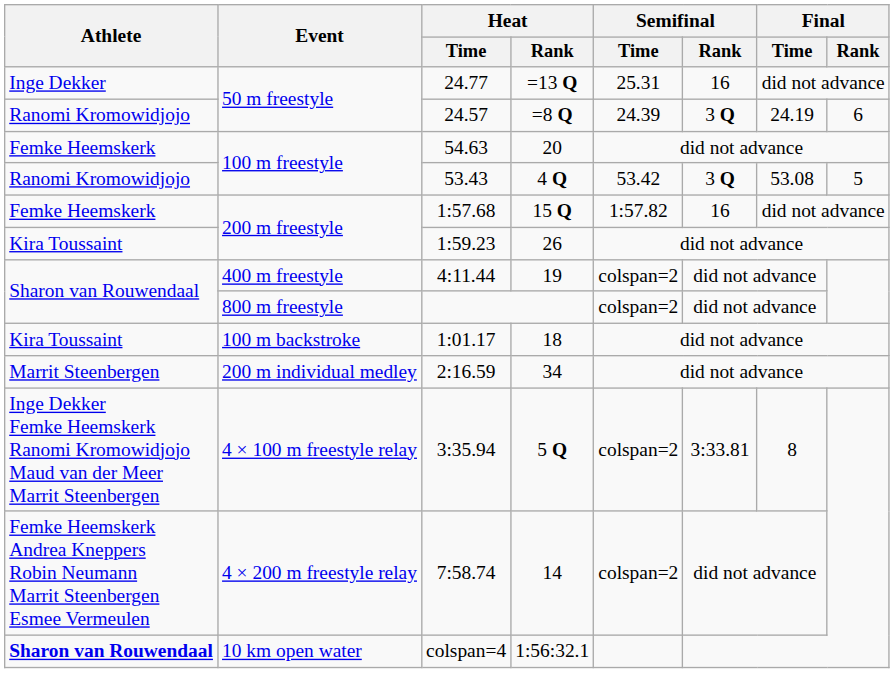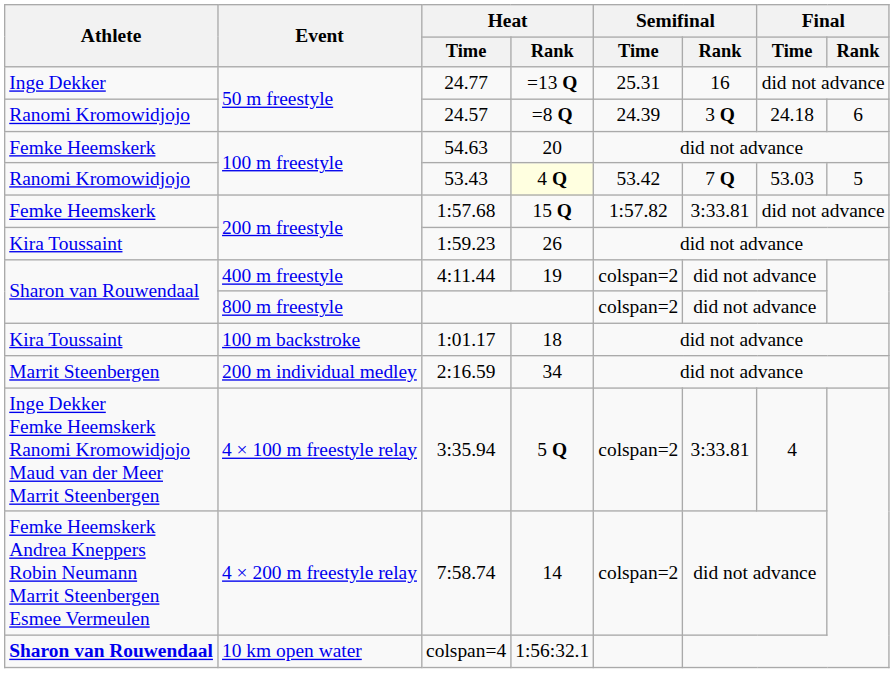 <table class=wikitable style="font-size:90%">
 <tr>
 <th rowspan="2">Athlete</th>
 <th rowspan="2">Event</th>
 <th colspan="2">Heat</th>
 <th colspan="2">Semifinal</th>
 <th colspan="2">Final</th>
 </tr>
 <tr style="font-size:95%">
 <th>Time</th>
 <th>Rank</th>
 <th>Time</th>
 <th>Rank</th>
 <th>Time</th>
 <th>Rank</th>
 </tr>
 <tr align=center>
 <td align=left><a href='#'>Inge Dekker</a></td>
 <td align=left rowspan=2><a href='#'>50 m freestyle</a></td>
 <td>24.77</td>
 <td>=13 <strong>Q</strong></td>
 <td>25.31</td>
 <td>16</td>
 <td colspan=2>did not advance</td>
 </tr>
 <tr align=center>
 <td align=left><a href='#'>Ranomi Kromowidjojo</a></td>
 <td>24.57</td>
 <td>=8 <strong>Q</strong></td>
 <td>24.39</td>
 <td>3 <strong>Q</strong></td>
-<td>24.19</td>
+<td>24.18</td>
 <td>6</td>
 </tr>
 <tr align=center>
 <td align=left><a href='#'>Femke Heemskerk</a></td>
 <td align=left rowspan=2><a href='#'>100 m freestyle</a></td>
 <td>54.63</td>
 <td>20</td>
 <td colspan=4>did not advance</td>
 </tr>
 <tr align=center>
 <td align=left><a href='#'>Ranomi Kromowidjojo</a></td>
 <td>53.43</td>
-<td>4 <strong>Q</strong></td>
+<td style="background: lightyellow;">4 <strong>Q</strong></td>
 <td>53.42</td>
-<td>3 <strong>Q</strong></td>
-<td>53.08</td>
+<td>7 <strong>Q</strong></td>
+<td>53.03</td>
 <td>5</td>
 </tr>
 <tr align=center>
 <td align=left><a href='#'>Femke Heemskerk</a></td>
 <td align=left rowspan=2><a href='#'>200 m freestyle</a></td>
 <td>1:57.68</td>
 <td>15 <strong>Q</strong></td>
 <td>1:57.82</td>
-<td>16</td>
+<td>3:33.81</td>
 <td colspan=2>did not advance</td>
 </tr>
 <tr align=center>
 <td align=left><a href='#'>Kira Toussaint</a></td>
 <td>1:59.23</td>
 <td>26</td>
 <td colspan=4>did not advance</td>
 </tr>
 <tr align=center>
 <td align=left rowspan=2><a href='#'>Sharon van Rouwendaal</a></td>
 <td align=left><a href='#'>400 m freestyle</a></td>
 <td>4:11.44</td>
 <td>19</td>
 <td>colspan=2 </td>
 <td colspan=2>did not advance</td>
 </tr>
 <tr align=center>
 <td align=left><a href='#'>800 m freestyle</a></td>
 <td colspan=2></td>
 <td>colspan=2 </td>
 <td colspan=2>did not advance</td>
 </tr>
 <tr align=center>
 <td align=left><a href='#'>Kira Toussaint</a></td>
 <td align=left><a href='#'>100 m backstroke</a></td>
 <td>1:01.17</td>
 <td>18</td>
 <td colspan=4>did not advance</td>
 </tr>
 <tr align=center>
 <td align=left><a href='#'>Marrit Steenbergen</a></td>
 <td align=left><a href='#'>200 m individual medley</a></td>
 <td>2:16.59</td>
 <td>34</td>
 <td colspan=4>did not advance</td>
 </tr>
 <tr align=center>
 <td align=left><a href='#'>Inge Dekker</a><br><a href='#'>Femke Heemskerk</a><br><a href='#'>Ranomi Kromowidjojo</a><br><a href='#'>Maud van der Meer</a><br><a href='#'>Marrit Steenbergen</a></td>
 <td align=left><a href='#'>4 × 100 m freestyle relay</a></td>
 <td>3:35.94</td>
 <td>5 <strong>Q</strong></td>
 <td>colspan=2 </td>
 <td>3:33.81</td>
-<td>8</td>
+<td>4</td>
 </tr>
 <tr align=center>
 <td align=left><a href='#'>Femke Heemskerk</a><br><a href='#'>Andrea Kneppers</a><br><a href='#'>Robin Neumann</a><br><a href='#'>Marrit Steenbergen</a><br><a href='#'>Esmee Vermeulen</a></td>
 <td align=left><a href='#'>4 × 200 m freestyle relay</a></td>
 <td>7:58.74</td>
 <td>14</td>
 <td>colspan=2 </td>
 <td colspan=2>did not advance</td>
 </tr>
 <tr align=center>
 <td align=left><strong><a href='#'>Sharon van Rouwendaal</a></strong></td>
 <td align=left><a href='#'>10 km open water</a></td>
 <td>colspan=4 </td>
 <td>1:56:32.1</td>
 <td></td>
 </tr>
 </table>
